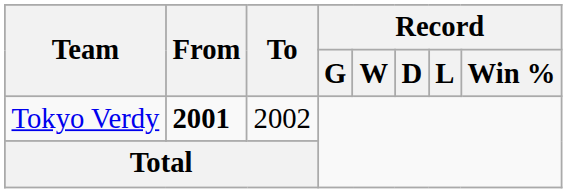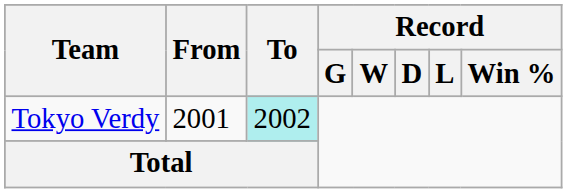 <table class="wikitable" style="text-align: center">
 <tr>
 <th rowspan="2">Team</th>
 <th rowspan="2">From</th>
 <th rowspan="2">To</th>
 <th colspan="5">Record</th>
 </tr>
 <tr>
 <th>G</th>
 <th>W</th>
 <th>D</th>
 <th>L</th>
 <th>Win %</th>
 </tr>
 <tr>
 <td align="left"><a href='#'>Tokyo Verdy</a></td>
-<td align="left"><strong>2001</strong></td>
-<td align="left">2002<br></td>
+<td align="left">2001</td>
+<td align="left" style="background: paleturquoise;">2002<br></td>
 </tr>
 <tr>
 <th colspan="3">Total<br></th>
 </tr>
 </table>
